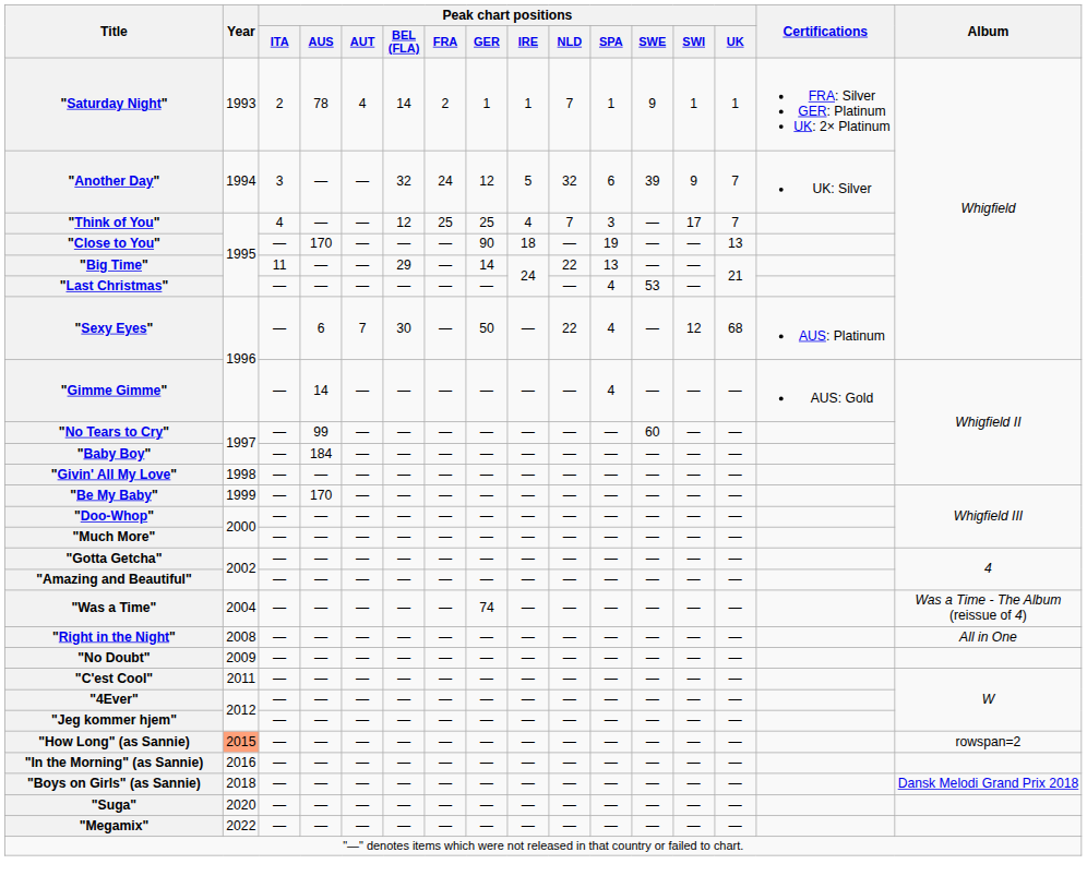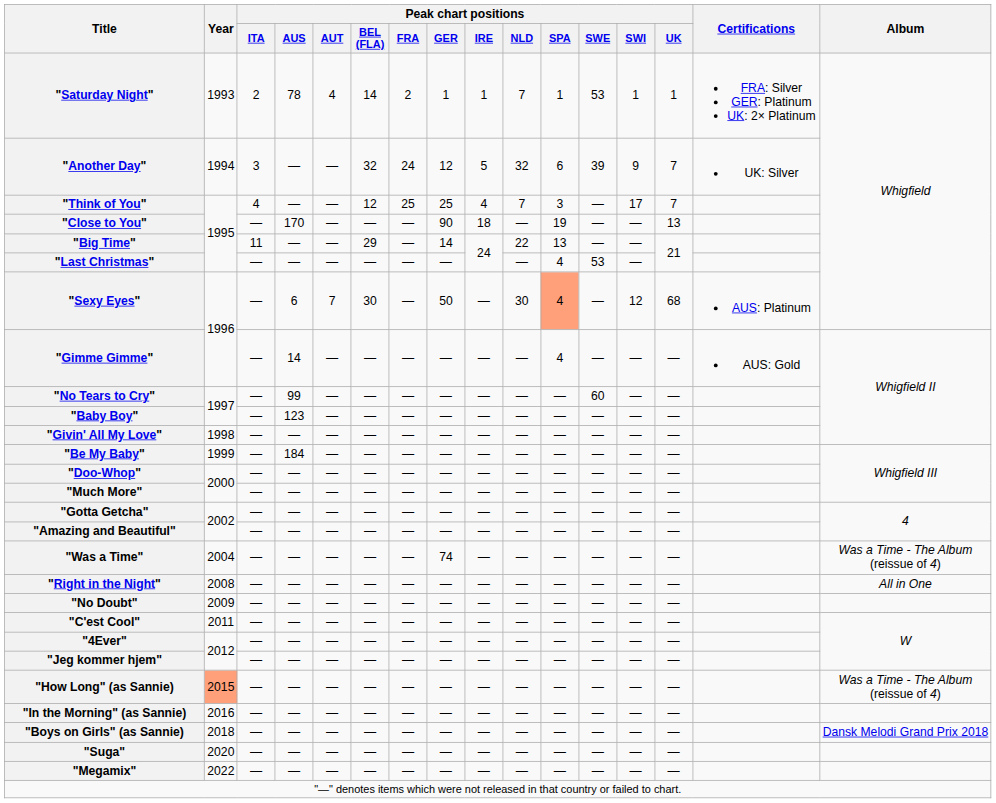 <table class="wikitable plainrowheaders" style="text-align:center;">
 <tr>
 <th scope="col" rowspan="2" style="width:16em;">Title</th>
 <th scope="col" rowspan="2">Year</th>
 <th scope="col" colspan="12">Peak chart positions</th>
 <th scope="col" rowspan="2" style="width:10em;"><a href='#'>Certifications</a></th>
 <th scope="col" rowspan="2">Album</th>
 </tr>
 <tr>
 <th style="width:3em;font-size:90%"><a href='#'>ITA</a><br></th>
 <th style="width:3em;font-size:90%"><a href='#'>AUS</a><br></th>
 <th style="width:3em;font-size:90%"><a href='#'>AUT</a><br></th>
 <th style="width:3em;font-size:90%"><a href='#'>BEL (FLA)</a><br></th>
 <th style="width:3em;font-size:90%"><a href='#'>FRA</a><br></th>
 <th style="width:3em;font-size:90%"><a href='#'>GER</a><br></th>
 <th style="width:3em;font-size:90%"><a href='#'>IRE</a><br></th>
 <th style="width:3em;font-size:90%"><a href='#'>NLD</a><br></th>
 <th style="width:3em;font-size:90%"><a href='#'>SPA</a><br></th>
 <th style="width:3em;font-size:90%"><a href='#'>SWE</a><br></th>
 <th style="width:3em;font-size:90%"><a href='#'>SWI</a><br></th>
 <th style="width:3em;font-size:90%"><a href='#'>UK</a><br></th>
 </tr>
 <tr>
 <th scope="row">"<a href='#'>Saturday Night</a>"</th>
 <td>1993</td>
 <td>2</td>
 <td>78</td>
 <td>4</td>
 <td>14</td>
 <td>2</td>
 <td>1</td>
 <td>1</td>
 <td>7</td>
 <td>1</td>
-<td>9</td>
+<td>53</td>
 <td>1</td>
 <td>1</td>
 <td><br><ul><li><a href='#'>FRA</a>: Silver</li><li><a href='#'>GER</a>: Platinum</li><li><a href='#'>UK</a>: 2× Platinum</li></ul></td>
 <td rowspan=7><em>Whigfield</em></td>
 </tr>
 <tr>
 <th scope="row">"<a href='#'>Another Day</a>"</th>
 <td>1994</td>
 <td>3</td>
 <td>—</td>
 <td>—</td>
 <td>32</td>
 <td>24</td>
 <td>12</td>
 <td>5</td>
 <td>32</td>
 <td>6</td>
 <td>39</td>
 <td>9</td>
 <td>7</td>
 <td><br><ul><li>UK: Silver</li></ul></td>
 </tr>
 <tr>
 <th scope="row">"<a href='#'>Think of You</a>"</th>
 <td rowspan=4>1995</td>
 <td>4</td>
 <td>—</td>
 <td>—</td>
 <td>12</td>
 <td>25</td>
 <td>25</td>
 <td>4</td>
 <td>7</td>
 <td>3</td>
 <td>—</td>
 <td>17</td>
 <td>7</td>
 <td></td>
 </tr>
 <tr>
 <th scope="row">"<a href='#'>Close to You</a>"</th>
 <td>—</td>
 <td>170</td>
 <td>—</td>
 <td>—</td>
 <td>—</td>
 <td>90</td>
 <td>18</td>
 <td>—</td>
 <td>19</td>
 <td>—</td>
 <td>—</td>
 <td>13</td>
 <td></td>
 </tr>
 <tr>
 <th scope="row">"<a href='#'>Big Time</a>"</th>
 <td>11</td>
 <td>—</td>
 <td>—</td>
 <td>29</td>
 <td>—</td>
 <td>14</td>
 <td rowspan="2">24</td>
 <td>22</td>
 <td>13</td>
 <td>—</td>
 <td>—</td>
 <td rowspan="2">21</td>
 <td></td>
 </tr>
 <tr>
 <th scope="row">"<a href='#'>Last Christmas</a>"</th>
 <td>—</td>
 <td>—</td>
 <td>—</td>
 <td>—</td>
 <td>—</td>
 <td>—</td>
 <td>—</td>
 <td>4</td>
 <td>53</td>
 <td>—</td>
 <td></td>
 </tr>
 <tr>
 <th scope="row">"<a href='#'>Sexy Eyes</a>"</th>
 <td rowspan="2">1996</td>
 <td>—</td>
 <td>6</td>
 <td>7</td>
 <td>30</td>
 <td>—</td>
 <td>50</td>
 <td>—</td>
-<td>22</td>
-<td>4</td>
+<td>30</td>
+<td style="background: lightsalmon;">4</td>
 <td>—</td>
 <td>12</td>
 <td>68</td>
 <td><br><ul><li><a href='#'>AUS</a>: Platinum</li></ul></td>
 </tr>
 <tr>
 <th scope="row">"<a href='#'>Gimme Gimme</a>"</th>
 <td>—</td>
 <td>14</td>
 <td>—</td>
 <td>—</td>
 <td>—</td>
 <td>—</td>
 <td>—</td>
 <td>—</td>
 <td>4</td>
 <td>—</td>
 <td>—</td>
 <td>—</td>
 <td><br><ul><li>AUS: Gold</li></ul></td>
 <td rowspan=4><em>Whigfield II</em></td>
 </tr>
 <tr>
 <th scope="row">"<a href='#'>No Tears to Cry</a>"</th>
 <td rowspan=2>1997</td>
 <td>—</td>
 <td>99</td>
 <td>—</td>
 <td>—</td>
 <td>—</td>
 <td>—</td>
 <td>—</td>
 <td>—</td>
 <td>—</td>
 <td>60</td>
 <td>—</td>
 <td>—</td>
 <td></td>
 </tr>
 <tr>
 <th scope="row">"<a href='#'>Baby Boy</a>"</th>
 <td>—</td>
-<td>184</td>
+<td>123</td>
 <td>—</td>
 <td>—</td>
 <td>—</td>
 <td>—</td>
 <td>—</td>
 <td>—</td>
 <td>—</td>
 <td>—</td>
 <td>—</td>
 <td>—</td>
 <td></td>
 </tr>
 <tr>
 <th scope="row">"<a href='#'>Givin' All My Love</a>"</th>
 <td>1998</td>
 <td>—</td>
 <td>—</td>
 <td>—</td>
 <td>—</td>
 <td>—</td>
 <td>—</td>
 <td>—</td>
 <td>—</td>
 <td>—</td>
 <td>—</td>
 <td>—</td>
 <td>—</td>
 <td></td>
 </tr>
 <tr>
 <th scope="row">"<a href='#'>Be My Baby</a>"</th>
 <td>1999</td>
 <td>—</td>
-<td>170</td>
+<td>184</td>
 <td>—</td>
 <td>—</td>
 <td>—</td>
 <td>—</td>
 <td>—</td>
 <td>—</td>
 <td>—</td>
 <td>—</td>
 <td>—</td>
 <td>—</td>
 <td></td>
 <td rowspan=3><em>Whigfield III</em></td>
 </tr>
 <tr>
 <th scope="row">"<a href='#'>Doo-Whop</a>"</th>
 <td rowspan=2>2000</td>
 <td>—</td>
 <td>—</td>
 <td>—</td>
 <td>—</td>
 <td>—</td>
 <td>—</td>
 <td>—</td>
 <td>—</td>
 <td>—</td>
 <td>—</td>
 <td>—</td>
 <td>—</td>
 <td></td>
 </tr>
 <tr>
 <th scope="row">"Much More"</th>
 <td>—</td>
 <td>—</td>
 <td>—</td>
 <td>—</td>
 <td>—</td>
 <td>—</td>
 <td>—</td>
 <td>—</td>
 <td>—</td>
 <td>—</td>
 <td>—</td>
 <td>—</td>
 <td></td>
 </tr>
 <tr>
 <th scope="row">"Gotta Getcha"</th>
 <td rowspan=2>2002</td>
 <td>—</td>
 <td>—</td>
 <td>—</td>
 <td>—</td>
 <td>—</td>
 <td>—</td>
 <td>—</td>
 <td>—</td>
 <td>—</td>
 <td>—</td>
 <td>—</td>
 <td>—</td>
 <td></td>
 <td rowspan=2><em>4</em></td>
 </tr>
 <tr>
 <th scope="row">"Amazing and Beautiful"</th>
 <td>—</td>
 <td>—</td>
 <td>—</td>
 <td>—</td>
 <td>—</td>
 <td>—</td>
 <td>—</td>
 <td>—</td>
 <td>—</td>
 <td>—</td>
 <td>—</td>
 <td>—</td>
 <td></td>
 </tr>
 <tr>
 <th scope="row">"Was a Time"</th>
 <td>2004</td>
 <td>—</td>
 <td>—</td>
 <td>—</td>
 <td>—</td>
 <td>—</td>
 <td>74</td>
 <td>—</td>
 <td>—</td>
 <td>—</td>
 <td>—</td>
 <td>—</td>
 <td>—</td>
 <td></td>
 <td rowspan=1><em>Was a Time - The Album</em> <br> (reissue of <em>4</em>)</td>
 </tr>
 <tr>
 <th scope="row">"<a href='#'>Right in the Night</a>"</th>
 <td>2008</td>
 <td>—</td>
 <td>—</td>
 <td>—</td>
 <td>—</td>
 <td>—</td>
 <td>—</td>
 <td>—</td>
 <td>—</td>
 <td>—</td>
 <td>—</td>
 <td>—</td>
 <td>—</td>
 <td></td>
 <td rowspan="1"><em>All in One</em></td>
 </tr>
 <tr>
 <th scope="row">"No Doubt"</th>
 <td>2009</td>
 <td>—</td>
 <td>—</td>
 <td>—</td>
 <td>—</td>
 <td>—</td>
 <td>—</td>
 <td>—</td>
 <td>—</td>
 <td>—</td>
 <td>—</td>
 <td>—</td>
 <td>—</td>
 <td></td>
 <td></td>
 </tr>
 <tr>
 <th scope="row">"C'est Cool"</th>
 <td>2011</td>
 <td>—</td>
 <td>—</td>
 <td>—</td>
 <td>—</td>
 <td>—</td>
 <td>—</td>
 <td>—</td>
 <td>—</td>
 <td>—</td>
 <td>—</td>
 <td>—</td>
 <td>—</td>
 <td></td>
 <td rowspan=3><em>W</em></td>
 </tr>
 <tr>
 <th scope="row">"4Ever"</th>
 <td rowspan=2>2012</td>
 <td>—</td>
 <td>—</td>
 <td>—</td>
 <td>—</td>
 <td>—</td>
 <td>—</td>
 <td>—</td>
 <td>—</td>
 <td>—</td>
 <td>—</td>
 <td>—</td>
 <td>—</td>
 <td></td>
 </tr>
 <tr>
 <th scope="row">"Jeg kommer hjem"</th>
 <td>—</td>
 <td>—</td>
 <td>—</td>
 <td>—</td>
 <td>—</td>
 <td>—</td>
 <td>—</td>
 <td>—</td>
 <td>—</td>
 <td>—</td>
 <td>—</td>
 <td>—</td>
 <td></td>
 </tr>
 <tr>
 <th scope="row">"How Long" (as Sannie)</th>
 <td style="background: lightsalmon;">2015</td>
 <td>—</td>
 <td>—</td>
 <td>—</td>
 <td>—</td>
 <td>—</td>
 <td>—</td>
 <td>—</td>
 <td>—</td>
 <td>—</td>
 <td>—</td>
 <td>—</td>
 <td>—</td>
 <td></td>
-<td>rowspan=2 </td>
+<td rowspan=1><em>Was a Time - The Album</em> <br> (reissue of <em>4</em>)</td>
 </tr>
 <tr>
 <th scope="row">"In the Morning" (as Sannie)</th>
 <td>2016</td>
 <td>—</td>
 <td>—</td>
 <td>—</td>
 <td>—</td>
 <td>—</td>
 <td>—</td>
 <td>—</td>
 <td>—</td>
 <td>—</td>
 <td>—</td>
 <td>—</td>
 <td>—</td>
 <td></td>
 </tr>
 <tr>
 <th scope="row">"Boys on Girls" (as Sannie)</th>
 <td>2018</td>
 <td>—</td>
 <td>—</td>
 <td>—</td>
 <td>—</td>
 <td>—</td>
 <td>—</td>
 <td>—</td>
 <td>—</td>
 <td>—</td>
 <td>—</td>
 <td>—</td>
 <td>—</td>
 <td></td>
 <td><a href='#'>Dansk Melodi Grand Prix 2018</a></td>
 </tr>
 <tr>
 <th scope="row">"Suga"</th>
 <td>2020</td>
 <td>—</td>
 <td>—</td>
 <td>—</td>
 <td>—</td>
 <td>—</td>
 <td>—</td>
 <td>—</td>
 <td>—</td>
 <td>—</td>
 <td>—</td>
 <td>—</td>
 <td>—</td>
 <td></td>
 <td></td>
 </tr>
 <tr>
 <th scope="row">"Megamix"</th>
 <td>2022</td>
 <td>—</td>
 <td>—</td>
 <td>—</td>
 <td>—</td>
 <td>—</td>
 <td>—</td>
 <td>—</td>
 <td>—</td>
 <td>—</td>
 <td>—</td>
 <td>—</td>
 <td>—</td>
 <td></td>
 <td></td>
 </tr>
 <tr>
 <td colspan="18" style="font-size:90%;">"—" denotes items which were not released in that country or failed to chart.</td>
 </tr>
 </table>
